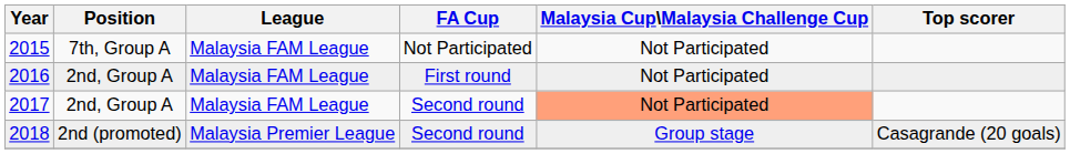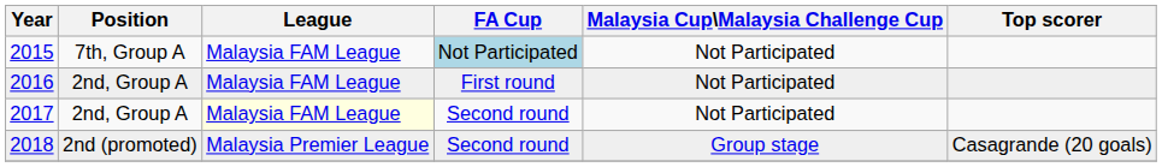 <table class="wikitable float-right">
 <tr>
 <th>Year</th>
 <th>Position</th>
 <th>League</th>
 <th><a href='#'>FA Cup</a></th>
 <th><a href='#'>Malaysia Cup</a>\<a href='#'>Malaysia Challenge Cup</a></th>
 <th>Top scorer</th>
 </tr>
 <tr>
 <td><a href='#'>2015</a></td>
 <td style="vertical-align:middle; text-align:center;">7th, Group A</td>
 <td style="vertical-align:middle; text-align:centre;"><a href='#'>Malaysia FAM League</a></td>
-<td style="vertical-align:middle; text-align:center;">Not Participated</td>
+<td style="background: lightblue; vertical-align:middle; text-align:center;">Not Participated</td>
 <td style="vertical-align:middle; text-align:center;">Not Participated</td>
 <td style="vertical-align:middle; text-align:center;"></td>
 </tr>
 <tr style="background:#efefef;">
 <td><a href='#'>2016</a></td>
 <td style="vertical-align:middle; text-align:center;">2nd, Group A</td>
 <td style="vertical-align:middle; text-align:centre;"><a href='#'>Malaysia FAM League</a></td>
 <td style="vertical-align:middle; text-align:center;"><a href='#'>First round</a></td>
 <td style="vertical-align:middle; text-align:center;">Not Participated</td>
 <td style="vertical-align:middle; text-align:center;"></td>
 </tr>
 <tr>
 <td><a href='#'>2017</a></td>
 <td style="vertical-align:middle; text-align:center;">2nd, Group A</td>
-<td style="vertical-align:middle; text-align:centre;"><a href='#'>Malaysia FAM League</a></td>
+<td style="background: lightyellow; vertical-align:middle; text-align:centre;"><a href='#'>Malaysia FAM League</a></td>
 <td style="vertical-align:middle; text-align:center;"><a href='#'>Second round</a></td>
-<td style="background: lightsalmon; vertical-align:middle; text-align:center;">Not Participated</td>
+<td style="vertical-align:middle; text-align:center;">Not Participated</td>
 <td style="vertical-align:middle; text-align:center;"></td>
 </tr>
 <tr style="background:#efefef;">
 <td><a href='#'>2018</a></td>
 <td style="vertical-align:middle; text-align:center;">2nd (promoted)</td>
 <td style="vertical-align:middle; text-align:centre;"><a href='#'>Malaysia Premier League</a></td>
 <td style="vertical-align:middle; text-align:center;"><a href='#'>Second round</a></td>
 <td style="vertical-align:middle; text-align:center;"><a href='#'>Group stage</a></td>
 <td style="vertical-align:middle; text-align:center;"> Casagrande (20 goals)</td>
 </tr>
 <tr>
 </tr>
 </table>
